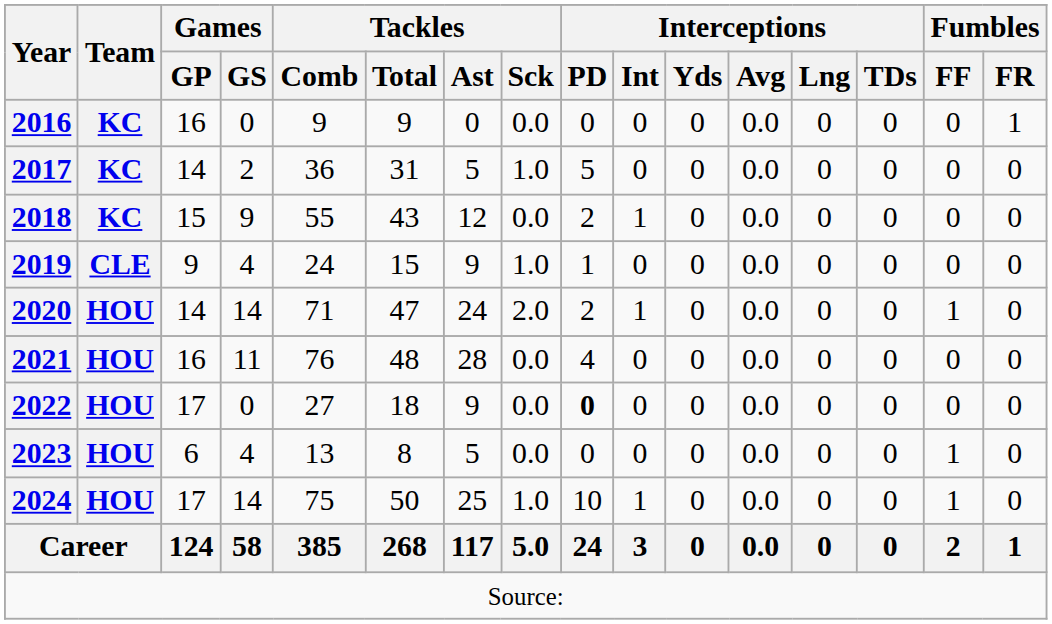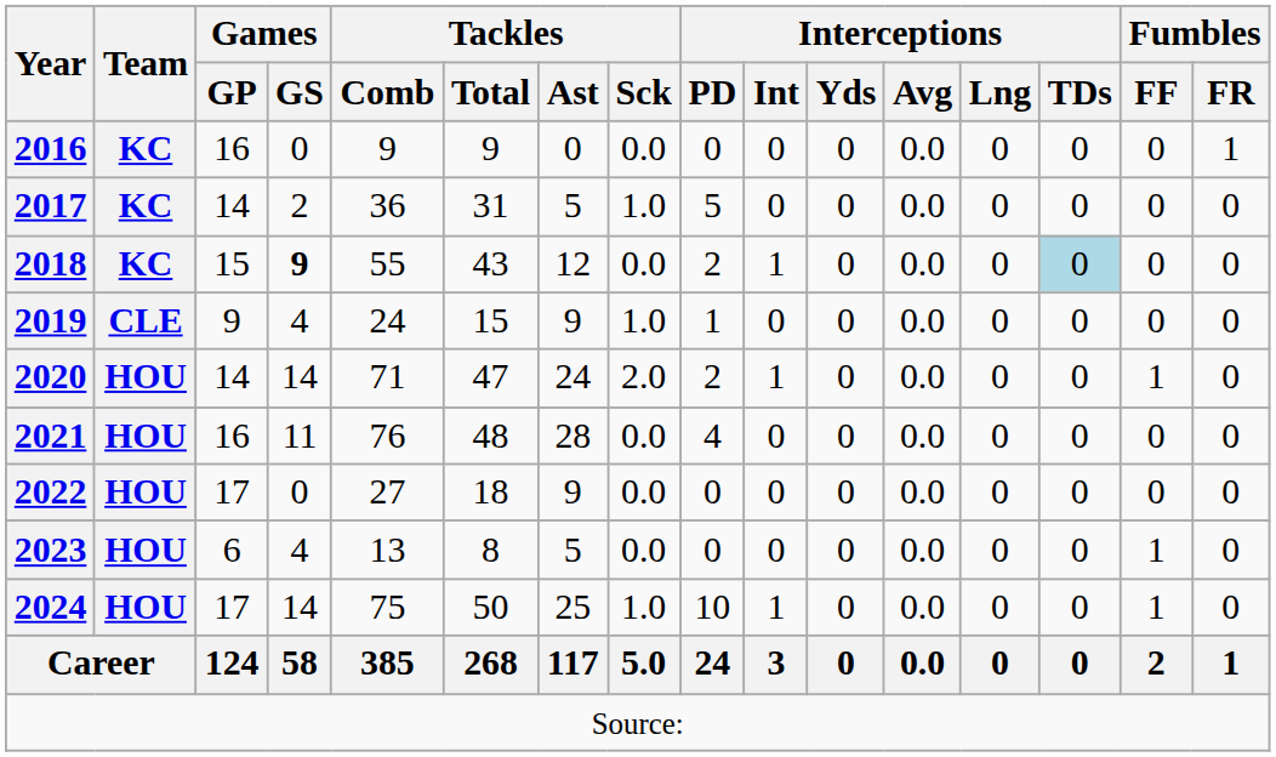 <table class="wikitable" style="text-align: center;">
 <tr>
 <th rowspan="2">Year</th>
 <th rowspan="2">Team</th>
 <th colspan="2">Games</th>
 <th colspan="4">Tackles</th>
 <th colspan="6">Interceptions</th>
 <th colspan="2">Fumbles</th>
 </tr>
 <tr>
 <th>GP</th>
 <th>GS</th>
 <th>Comb</th>
 <th>Total</th>
 <th>Ast</th>
 <th>Sck</th>
 <th>PD</th>
 <th>Int</th>
 <th>Yds</th>
 <th>Avg</th>
 <th>Lng</th>
 <th>TDs</th>
 <th>FF</th>
 <th>FR</th>
 </tr>
 <tr>
 <th><a href='#'>2016</a></th>
 <th><a href='#'>KC</a></th>
 <td>16</td>
 <td>0</td>
 <td>9</td>
 <td>9</td>
 <td>0</td>
 <td>0.0</td>
 <td>0</td>
 <td>0</td>
 <td>0</td>
 <td>0.0</td>
 <td>0</td>
 <td>0</td>
 <td>0</td>
 <td>1</td>
 </tr>
 <tr>
 <th><a href='#'>2017</a></th>
 <th><a href='#'>KC</a></th>
 <td>14</td>
 <td>2</td>
 <td>36</td>
 <td>31</td>
 <td>5</td>
 <td>1.0</td>
 <td>5</td>
 <td>0</td>
 <td>0</td>
 <td>0.0</td>
 <td>0</td>
 <td>0</td>
 <td>0</td>
 <td>0</td>
 </tr>
 <tr>
 <th><a href='#'>2018</a></th>
 <th><a href='#'>KC</a></th>
 <td>15</td>
-<td>9</td>
+<td><strong>9</strong></td>
 <td>55</td>
 <td>43</td>
 <td>12</td>
 <td>0.0</td>
 <td>2</td>
 <td>1</td>
 <td>0</td>
 <td>0.0</td>
 <td>0</td>
-<td>0</td>
+<td style="background: lightblue;">0</td>
 <td>0</td>
 <td>0</td>
 </tr>
 <tr>
 <th><a href='#'>2019</a></th>
 <th><a href='#'>CLE</a></th>
 <td>9</td>
 <td>4</td>
 <td>24</td>
 <td>15</td>
 <td>9</td>
 <td>1.0</td>
 <td>1</td>
 <td>0</td>
 <td>0</td>
 <td>0.0</td>
 <td>0</td>
 <td>0</td>
 <td>0</td>
 <td>0</td>
 </tr>
 <tr>
 <th><a href='#'>2020</a></th>
 <th><a href='#'>HOU</a></th>
 <td>14</td>
 <td>14</td>
 <td>71</td>
 <td>47</td>
 <td>24</td>
 <td>2.0</td>
 <td>2</td>
 <td>1</td>
 <td>0</td>
 <td>0.0</td>
 <td>0</td>
 <td>0</td>
 <td>1</td>
 <td>0</td>
 </tr>
 <tr>
 <th><a href='#'>2021</a></th>
 <th><a href='#'>HOU</a></th>
 <td>16</td>
 <td>11</td>
 <td>76</td>
 <td>48</td>
 <td>28</td>
 <td>0.0</td>
 <td>4</td>
 <td>0</td>
 <td>0</td>
 <td>0.0</td>
 <td>0</td>
 <td>0</td>
 <td>0</td>
 <td>0</td>
 </tr>
 <tr>
 <th><a href='#'>2022</a></th>
 <th><a href='#'>HOU</a></th>
 <td>17</td>
 <td>0</td>
 <td>27</td>
 <td>18</td>
 <td>9</td>
 <td>0.0</td>
-<td><strong>0</strong></td>
+<td>0</td>
 <td>0</td>
 <td>0</td>
 <td>0.0</td>
 <td>0</td>
 <td>0</td>
 <td>0</td>
 <td>0</td>
 </tr>
 <tr>
 <th><a href='#'>2023</a></th>
 <th><a href='#'>HOU</a></th>
 <td>6</td>
 <td>4</td>
 <td>13</td>
 <td>8</td>
 <td>5</td>
 <td>0.0</td>
 <td>0</td>
 <td>0</td>
 <td>0</td>
 <td>0.0</td>
 <td>0</td>
 <td>0</td>
 <td>1</td>
 <td>0</td>
 </tr>
 <tr>
 <th><a href='#'>2024</a></th>
 <th><a href='#'>HOU</a></th>
 <td>17</td>
 <td>14</td>
 <td>75</td>
 <td>50</td>
 <td>25</td>
 <td>1.0</td>
 <td>10</td>
 <td>1</td>
 <td>0</td>
 <td>0.0</td>
 <td>0</td>
 <td>0</td>
 <td>1</td>
 <td>0</td>
 </tr>
 <tr>
 <th colspan="2">Career</th>
 <th>124</th>
 <th>58</th>
 <th>385</th>
 <th>268</th>
 <th>117</th>
 <th>5.0</th>
 <th>24</th>
 <th>3</th>
 <th>0</th>
 <th>0.0</th>
 <th>0</th>
 <th>0</th>
 <th>2</th>
 <th>1</th>
 </tr>
 <tr>
 <td colspan="18"><small>Source: </small></td>
 </tr>
 </table>
